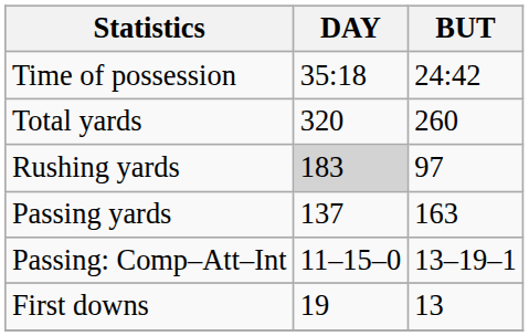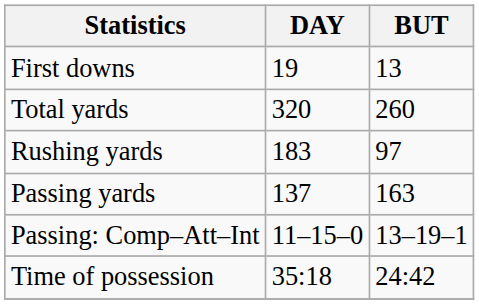 <table class="wikitable" style="float: left;">
 <tr>
 <th>Statistics</th>
 <th>DAY</th>
 <th>BUT</th>
 </tr>
 <tr>
-<td>Time of possession</td>
-<td>35:18</td>
-<td>24:42</td>
+<td>First downs</td>
+<td>19</td>
+<td>13</td>
 </tr>
 <tr>
 <td>Total yards</td>
 <td>320</td>
 <td>260</td>
 </tr>
 <tr>
 <td>Rushing yards</td>
-<td style="background: lightgrey;">183</td>
+<td>183</td>
 <td>97</td>
 </tr>
 <tr>
 <td>Passing yards</td>
 <td>137</td>
 <td>163</td>
 </tr>
 <tr>
 <td>Passing: Comp–Att–Int</td>
 <td>11–15–0</td>
 <td>13–19–1</td>
 </tr>
 <tr>
-<td>First downs</td>
-<td>19</td>
-<td>13</td>
+<td>Time of possession</td>
+<td>35:18</td>
+<td>24:42</td>
 </tr>
 <tr>
 </tr>
 </table>
